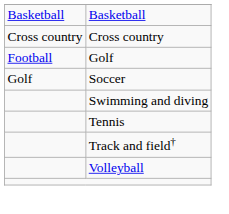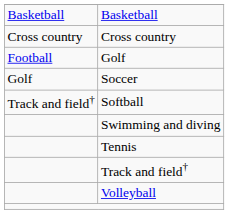 <table class="wikitable" style= " ">
 <tr>
 </tr>
 <tr>
 <td><a href='#'>Basketball</a></td>
 <td><a href='#'>Basketball</a></td>
 </tr>
 <tr>
 <td>Cross country</td>
 <td>Cross country</td>
 </tr>
 <tr>
 <td><a href='#'>Football</a></td>
 <td>Golf</td>
 </tr>
 <tr>
 <td>Golf</td>
 <td>Soccer</td>
+</tr>
+<tr>
+<td>Track and field<sup>†</sup></td>
+<td>Softball</td>
 </tr>
 <tr>
 <td></td>
 <td>Swimming and diving</td>
 </tr>
 <tr>
 <td></td>
 <td>Tennis</td>
 </tr>
 <tr>
 <td></td>
 <td>Track and field<sup>†</sup></td>
 </tr>
 <tr>
 <td></td>
 <td><a href='#'>Volleyball</a></td>
 </tr>
 <tr>
 <td colspan="2"></td>
 </tr>
 </table>
